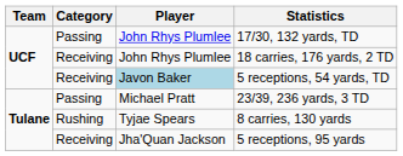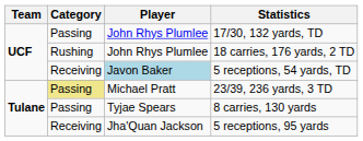 <table class="wikitable" style="float: right;">
 <tr>
 <th>Team</th>
 <th>Category</th>
 <th>Player</th>
 <th>Statistics</th>
 </tr>
 <tr>
 <td rowspan=3><strong>UCF</strong></td>
 <td>Passing</td>
 <td><a href='#'>John Rhys Plumlee</a></td>
 <td>17/30, 132 yards, TD</td>
 </tr>
 <tr>
-<td>Receiving</td>
+<td>Rushing</td>
 <td>John Rhys Plumlee</td>
 <td>18 carries, 176 yards, 2 TD</td>
 </tr>
 <tr>
 <td>Receiving</td>
 <td style="background: lightblue;">Javon Baker</td>
 <td>5 receptions, 54 yards, TD</td>
 </tr>
 <tr>
 <td rowspan=3><strong>Tulane</strong></td>
-<td>Passing</td>
+<td style="background: khaki;">Passing</td>
 <td>Michael Pratt</td>
 <td>23/39, 236 yards, 3 TD</td>
 </tr>
 <tr>
-<td>Rushing</td>
+<td>Passing</td>
 <td>Tyjae Spears</td>
 <td>8 carries, 130 yards</td>
 </tr>
 <tr>
 <td>Receiving</td>
 <td>Jha'Quan Jackson</td>
 <td>5 receptions, 95 yards</td>
 </tr>
 </table>
